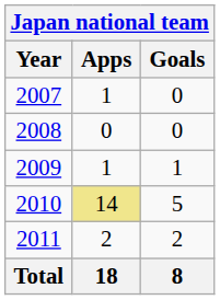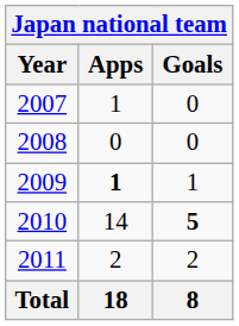 <table class="wikitable" style="text-align:center">
 <tr>
 <th colspan=3><a href='#'>Japan national team</a></th>
 </tr>
 <tr>
 <th>Year</th>
 <th>Apps</th>
 <th>Goals</th>
 </tr>
 <tr>
 <td><a href='#'>2007</a></td>
 <td>1</td>
 <td>0</td>
 </tr>
 <tr>
 <td><a href='#'>2008</a></td>
 <td>0</td>
 <td>0</td>
 </tr>
 <tr>
 <td><a href='#'>2009</a></td>
-<td>1</td>
+<td><strong>1</strong></td>
 <td>1</td>
 </tr>
 <tr>
 <td><a href='#'>2010</a></td>
-<td style="background: khaki;">14</td>
-<td>5</td>
+<td>14</td>
+<td><strong>5</strong></td>
 </tr>
 <tr>
 <td><a href='#'>2011</a></td>
 <td>2</td>
 <td>2</td>
 </tr>
 <tr>
 <th>Total</th>
 <th>18</th>
 <th>8</th>
 </tr>
 </table>
